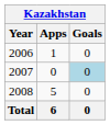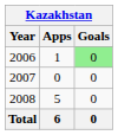 <table class="wikitable" style="text-align:center">
 <tr>
 <th colspan=3><a href='#'>Kazakhstan</a></th>
 </tr>
 <tr>
 <th>Year</th>
 <th>Apps</th>
 <th>Goals</th>
 </tr>
 <tr>
 <td>2006</td>
 <td>1</td>
-<td>0</td>
+<td style="background: lightgreen;">0</td>
 </tr>
 <tr>
 <td>2007</td>
 <td>0</td>
-<td style="background: lightblue;">0</td>
+<td>0</td>
 </tr>
 <tr>
 <td>2008</td>
 <td>5</td>
 <td>0</td>
 </tr>
 <tr>
 <th>Total</th>
 <th>6</th>
 <th>0</th>
 </tr>
 </table>
